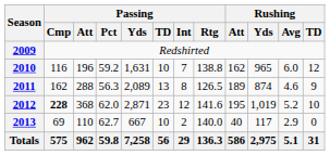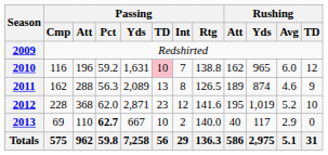 <table class=wikitable style="text-align:center;">
 <tr>
 <th rowspan="2">Season</th>
 <th colspan="7">Passing</th>
 <th colspan="4">Rushing</th>
 </tr>
 <tr>
 <th>Cmp</th>
 <th>Att</th>
 <th>Pct</th>
 <th>Yds</th>
 <th>TD</th>
 <th>Int</th>
 <th>Rtg</th>
 <th>Att</th>
 <th>Yds</th>
 <th>Avg</th>
 <th>TD</th>
 </tr>
 <tr>
 <th><a href='#'>2009</a></th>
 <td colspan="11"><em>Redshirted</em></td>
 </tr>
 <tr>
 <th><a href='#'>2010</a></th>
 <td>116</td>
 <td>196</td>
 <td>59.2</td>
 <td>1,631</td>
-<td>10</td>
+<td style="background: pink;">10</td>
 <td>7</td>
 <td>138.8</td>
 <td>162</td>
 <td>965</td>
 <td>6.0</td>
 <td>12</td>
 </tr>
 <tr>
 <th><a href='#'>2011</a></th>
 <td>162</td>
 <td>288</td>
 <td>56.3</td>
 <td>2,089</td>
 <td>13</td>
 <td>8</td>
 <td>126.5</td>
 <td>189</td>
 <td>874</td>
 <td>4.6</td>
 <td>9</td>
 </tr>
 <tr>
 <th><a href='#'>2012</a></th>
-<td><strong>228</strong></td>
+<td>228</td>
 <td>368</td>
 <td>62.0</td>
 <td>2,871</td>
 <td>23</td>
 <td>12</td>
 <td>141.6</td>
 <td>195</td>
 <td>1,019</td>
 <td>5.2</td>
 <td>10</td>
 </tr>
 <tr>
 <th><a href='#'>2013</a></th>
 <td>69</td>
 <td>110</td>
-<td>62.7</td>
+<td><strong>62.7</strong></td>
 <td>667</td>
 <td>10</td>
 <td>2</td>
 <td>140.0</td>
 <td>40</td>
 <td>117</td>
 <td>2.9</td>
 <td>0</td>
 </tr>
 <tr>
 <th>Totals</th>
 <th>575</th>
 <th>962</th>
 <th>59.8</th>
 <th>7,258</th>
 <th>56</th>
 <th>29</th>
 <th>136.3</th>
 <th>586</th>
 <th>2,975</th>
 <th>5.1</th>
 <th>31</th>
 </tr>
 </table>
